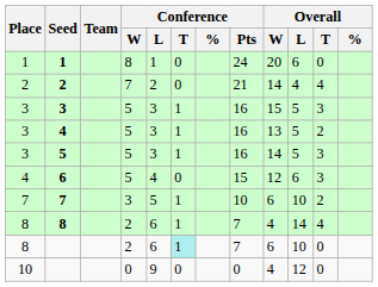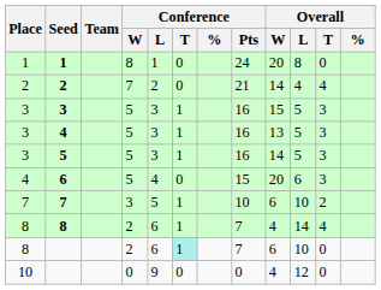 <table class="wikitable">
 <tr>
 <th rowspan ="2">Place</th>
 <th rowspan ="2">Seed</th>
 <th rowspan ="2">Team</th>
 <th colspan = "5">Conference</th>
 <th colspan = "4">Overall</th>
 </tr>
 <tr>
 <th scope=col style="width: 20px;">W</th>
 <th scope=col style="width: 20px;">L</th>
 <th scope=col style="width: 20px;">T</th>
 <th scope=col style="width: 30px;">%</th>
 <th scope=col style="width: 30px;">Pts</th>
 <th scope=col style="width: 20px;">W</th>
 <th scope=col style="width: 20px;">L</th>
 <th scope=col style="width: 20px;">T</th>
 <th scope=col style="width: 30px;">%</th>
 </tr>
 <tr bgcolor=#ccffcc>
 <td style="text-align:center;">1</td>
 <td style="text-align:center;"><strong>1</strong></td>
 <td></td>
 <td>8</td>
 <td>1</td>
 <td>0</td>
 <td></td>
 <td>24</td>
 <td>20</td>
-<td>6</td>
+<td>8</td>
 <td>0</td>
 <td></td>
 </tr>
 <tr bgcolor=#ccffcc>
 <td style="text-align:center;">2</td>
 <td style="text-align:center;"><strong>2</strong></td>
 <td></td>
 <td>7</td>
 <td>2</td>
 <td>0</td>
 <td></td>
 <td>21</td>
 <td>14</td>
 <td>4</td>
 <td>4</td>
 <td></td>
 </tr>
 <tr bgcolor=#ccffcc>
 <td style="text-align:center;">3</td>
 <td style="text-align:center;"><strong>3</strong></td>
 <td></td>
 <td>5</td>
 <td>3</td>
 <td>1</td>
 <td></td>
 <td>16</td>
 <td>15</td>
 <td>5</td>
 <td>3</td>
 <td></td>
 </tr>
 <tr bgcolor=#ccffcc>
 <td style="text-align:center;">3</td>
 <td style="text-align:center;"><strong>4</strong></td>
 <td></td>
 <td>5</td>
 <td>3</td>
 <td>1</td>
 <td></td>
 <td>16</td>
 <td>13</td>
 <td>5</td>
-<td>2</td>
+<td>3</td>
 <td></td>
 </tr>
 <tr bgcolor=#ccffcc>
 <td style="text-align:center;">3</td>
 <td style="text-align:center;"><strong>5</strong></td>
 <td></td>
 <td>5</td>
 <td>3</td>
 <td>1</td>
 <td></td>
 <td>16</td>
 <td>14</td>
 <td>5</td>
 <td>3</td>
 <td></td>
 </tr>
 <tr bgcolor=#ccffcc>
 <td style="text-align:center;">4</td>
 <td style="text-align:center;"><strong>6</strong></td>
 <td></td>
 <td>5</td>
 <td>4</td>
 <td>0</td>
 <td></td>
 <td>15</td>
-<td>12</td>
+<td>20</td>
 <td>6</td>
 <td>3</td>
 <td></td>
 </tr>
 <tr bgcolor=#ccffcc>
 <td style="text-align:center;">7</td>
 <td style="text-align:center;"><strong>7</strong></td>
 <td></td>
 <td>3</td>
 <td>5</td>
 <td>1</td>
 <td></td>
 <td>10</td>
 <td>6</td>
 <td>10</td>
 <td>2</td>
 <td></td>
 </tr>
 <tr bgcolor=#ccffcc>
 <td style="text-align:center;">8</td>
 <td style="text-align:center;"><strong>8</strong></td>
 <td></td>
 <td>2</td>
 <td>6</td>
 <td>1</td>
 <td></td>
 <td>7</td>
 <td>4</td>
 <td>14</td>
 <td>4</td>
 <td></td>
 </tr>
 <tr>
 <td style="text-align:center;">8</td>
 <td style="text-align:center;"></td>
 <td></td>
 <td>2</td>
 <td>6</td>
 <td style="background: paleturquoise;">1</td>
 <td></td>
 <td>7</td>
 <td>6</td>
 <td>10</td>
 <td>0</td>
 <td></td>
 </tr>
 <tr>
 <td style="text-align:center;">10</td>
 <td style="text-align:center;"></td>
 <td></td>
 <td>0</td>
 <td>9</td>
 <td>0</td>
 <td></td>
 <td>0</td>
 <td>4</td>
 <td>12</td>
 <td>0</td>
 <td></td>
 </tr>
 </table>
